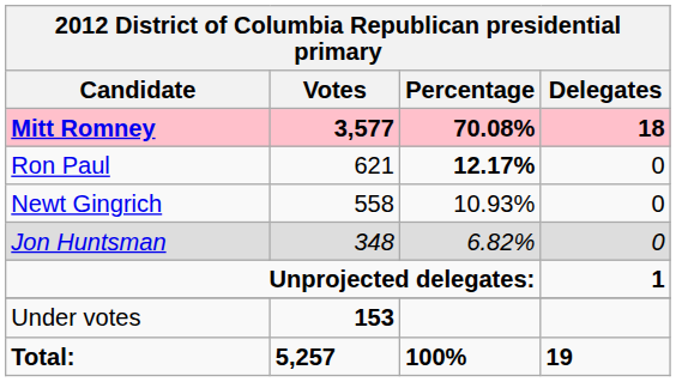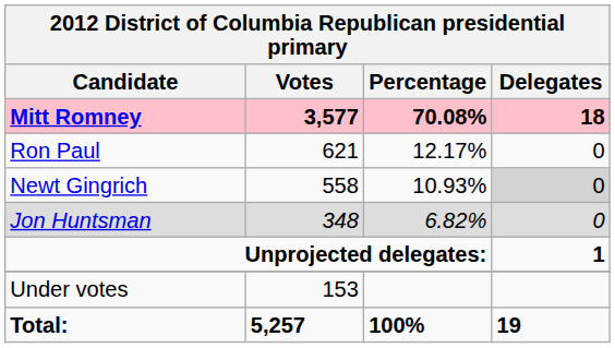 <table class="wikitable" style="font-size:95%;">
 <tr>
 <th colspan="4">2012 District of Columbia Republican presidential primary</th>
 </tr>
 <tr>
 <th rowspan="1" width="160px">Candidate</th>
 <th rowspan="1" width="75px">Votes</th>
 <th rowspan="1" width="75px">Percentage</th>
 <th rowspan="1" width="75px">Delegates</th>
 </tr>
 <tr align="right" bgcolor="pink">
 <td align="left"> <strong><a href='#'>Mitt Romney</a></strong></td>
 <td><strong>3,577</strong></td>
 <td><strong>70.08%</strong></td>
 <td><strong>18</strong></td>
 </tr>
 <tr align="right">
 <td align="left"><a href='#'>Ron Paul</a></td>
 <td>621</td>
-<td><strong>12.17%</strong></td>
+<td>12.17%</td>
 <td>0</td>
 </tr>
 <tr align="right">
 <td align="left"><a href='#'>Newt Gingrich</a></td>
 <td>558</td>
 <td>10.93%</td>
-<td>0</td>
+<td style="background: lightgrey;">0</td>
 </tr>
 <tr align="right" bgcolor="DDDDDD">
 <td align="left"><a href='#'><em>Jon Huntsman</em></a></td>
 <td><em>348</em></td>
 <td><em>6.82%</em></td>
 <td><em>0</em></td>
 </tr>
 <tr align="right">
 <td colspan="3"><strong>Unprojected delegates:</strong></td>
 <td><strong>1</strong></td>
 </tr>
 <tr align="right">
 </tr>
 <tr align="right">
 <td align="left">Under votes</td>
-<td><strong>153</strong></td>
+<td>153</td>
 <td></td>
 <td></td>
 </tr>
 <tr>
 <td><strong>Total:</strong></td>
 <td><strong>5,257</strong></td>
 <td><strong>100%</strong></td>
 <td><strong>19</strong></td>
 </tr>
 </table>
